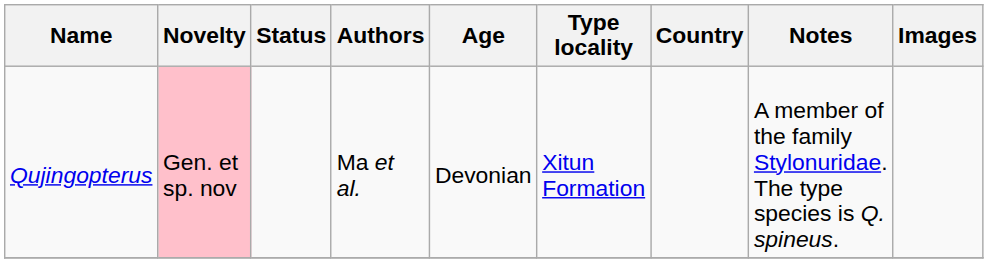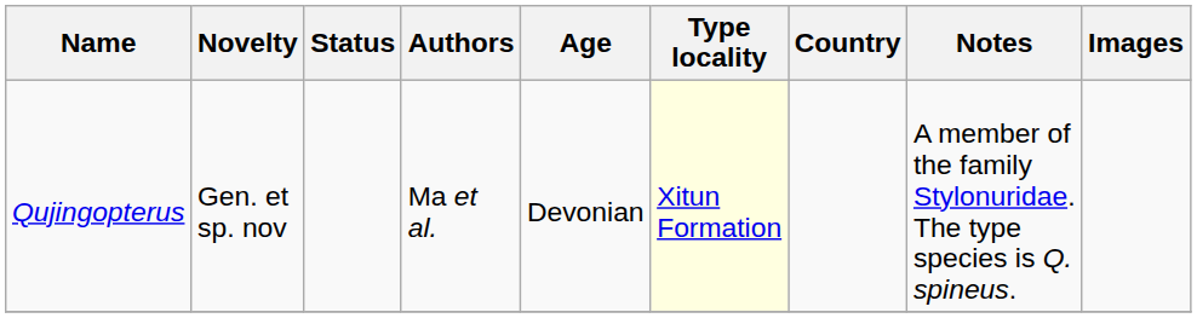 <table class="wikitable sortable" align="center" width="75%">
 <tr>
 <th>Name</th>
 <th>Novelty</th>
 <th>Status</th>
 <th>Authors</th>
 <th>Age</th>
 <th>Type locality</th>
 <th>Country</th>
 <th>Notes</th>
 <th>Images</th>
 </tr>
 <tr>
 <td><br><em><a href='#'>Qujingopterus</a></em></td>
-<td style="background: pink;"><br>Gen. et sp. nov</td>
+<td><br>Gen. et sp. nov</td>
 <td></td>
 <td><br>Ma <em>et al.</em></td>
 <td><br>Devonian</td>
-<td><br><a href='#'>Xitun Formation</a></td>
+<td style="background: lightyellow;"><br><a href='#'>Xitun Formation</a></td>
 <td><br></td>
 <td><br>A member of the family <a href='#'>Stylonuridae</a>. The type species is <em>Q. spineus</em>.</td>
 <td></td>
 </tr>
 <tr>
 </tr>
 </table>
